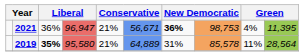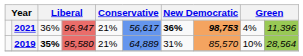 <table class="wikitable" style="float:right; width:400; font-size:90%; margin-left:1em;">
 <tr>
 <th colspan="2" scope="col">Year</th>
 <th colspan="2" scope="col"><a href='#'>Liberal</a></th>
 <th colspan="2" scope="col"><a href='#'>Conservative</a></th>
 <th colspan="2" scope="col"><a href='#'>New Democratic</a></th>
 <th colspan="2" scope="col"><a href='#'>Green</a></th>
 </tr>
 <tr>
 <td style="width: 0.25em; background-color: "></td>
 <th><a href='#'>2021</a></th>
 <td>36%</td>
 <td style="text-align:right; background:#EA6D6A;"><em>96,947</em></td>
 <td>21%</td>
-<td style="text-align:right; background:#6495ED;"><em>56,671</em></td>
+<td style="text-align:right; background:#6495ED;"><em>56,617</em></td>
 <td><strong>36%</strong></td>
-<td style="text-align:right; background:#F4A460;"><em>98,753</em></td>
+<td style="text-align:right; background:#F4A460;"><strong><em>98,753</em></strong></td>
 <td>4%</td>
-<td style="text-align:right; background:#99C955;"><em>11,395</em></td>
+<td style="text-align:right; background:#99C955;"><em>11,396</em></td>
 </tr>
 <tr>
 <td style="width: 0.25em; background-color: "></td>
 <th><a href='#'>2019</a></th>
 <td><strong>35%</strong></td>
 <td style="text-align:right; background:#EA6D6A;"><em>95,580</em></td>
 <td>21%</td>
 <td style="text-align:right; background:#6495ED;"><em>64,889</em></td>
 <td>31%</td>
-<td style="text-align:right; background:#F4A460;"><em>85,578</em></td>
-<td>11%</td>
+<td style="text-align:right; background:#F4A460;"><em>85,570</em></td>
+<td>10%</td>
 <td style="text-align:right; background:#99C955;"><em>28,564</em></td>
 </tr>
 <tr>
 </tr>
 </table>
